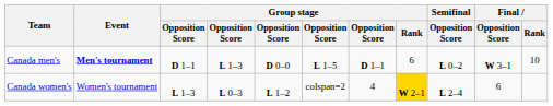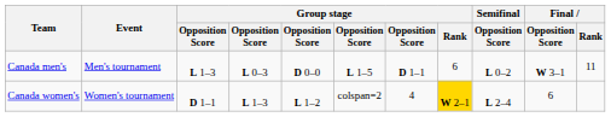 <table class="wikitable" style="font-size:90%">
 <tr>
 <th rowspan=2>Team</th>
 <th rowspan=2>Event</th>
 <th colspan=6>Group stage</th>
 <th>Semifinal</th>
 <th colspan=2>Final / </th>
 </tr>
 <tr style="font-size:95%">
 <th>Opposition<br>Score</th>
 <th>Opposition<br>Score</th>
 <th>Opposition<br>Score</th>
 <th>Opposition<br>Score</th>
 <th>Opposition<br>Score</th>
 <th>Rank</th>
 <th>Opposition<br>Score</th>
 <th>Opposition<br>Score</th>
 <th>Rank</th>
 </tr>
 <tr align=center>
 <td align=left><a href='#'>Canada men's</a></td>
-<td align=left><strong><a href='#'>Men's tournament</a></strong></td>
-<td><br><strong>D</strong> 1–1</td>
+<td align=left><a href='#'>Men's tournament</a></td>
 <td><br><strong>L</strong> 1–3</td>
+<td><br><strong>L</strong> 0–3</td>
 <td><br><strong>D</strong> 0–0</td>
 <td><br><strong>L</strong> 1–5</td>
 <td><br><strong>D</strong> 1–1</td>
 <td>6</td>
 <td><br><strong>L</strong> 0–2</td>
 <td><br><strong>W</strong> 3–1</td>
-<td>10</td>
+<td>11</td>
 </tr>
 <tr align=center>
 <td align=left><a href='#'>Canada women's</a></td>
 <td align=left><a href='#'>Women's tournament</a></td>
+<td><br><strong>D</strong> 1–1</td>
 <td><br><strong>L</strong> 1–3</td>
-<td><br><strong>L</strong> 0–3</td>
 <td><br><strong>L</strong> 1–2</td>
 <td>colspan=2</td>
 <td>4</td>
 <td style="background: gold;"><br><strong>W</strong> 2–1</td>
 <td><br><strong>L</strong> 2–4</td>
 <td>6</td>
 </tr>
 </table>
